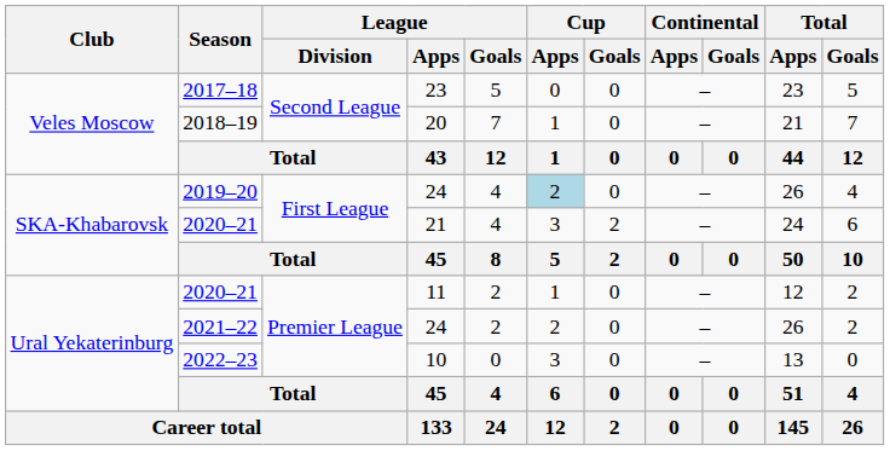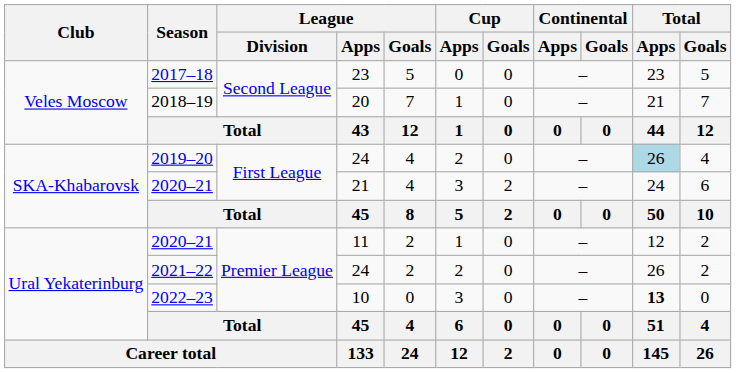 <table class="wikitable" style="text-align: center;">
 <tr>
 <th rowspan=2>Club</th>
 <th rowspan=2>Season</th>
 <th colspan=3>League</th>
 <th colspan=2>Cup</th>
 <th colspan=2>Continental</th>
 <th colspan=2>Total</th>
 </tr>
 <tr>
 <th>Division</th>
 <th>Apps</th>
 <th>Goals</th>
 <th>Apps</th>
 <th>Goals</th>
 <th>Apps</th>
 <th>Goals</th>
 <th>Apps</th>
 <th>Goals</th>
 </tr>
 <tr>
 <td rowspan="3"><a href='#'>Veles Moscow</a></td>
 <td><a href='#'>2017–18</a></td>
 <td rowspan="2"><a href='#'>Second League</a></td>
 <td>23</td>
 <td>5</td>
 <td>0</td>
 <td>0</td>
 <td colspan=2>–</td>
 <td>23</td>
 <td>5</td>
 </tr>
 <tr>
 <td>2018–19</td>
 <td>20</td>
 <td>7</td>
 <td>1</td>
 <td>0</td>
 <td colspan=2>–</td>
 <td>21</td>
 <td>7</td>
 </tr>
 <tr>
 <th colspan=2>Total</th>
 <th>43</th>
 <th>12</th>
 <th>1</th>
 <th>0</th>
 <th>0</th>
 <th>0</th>
 <th>44</th>
 <th>12</th>
 </tr>
 <tr>
 <td rowspan="3"><a href='#'>SKA-Khabarovsk</a></td>
 <td><a href='#'>2019–20</a></td>
 <td rowspan="2"><a href='#'>First League</a></td>
 <td>24</td>
 <td>4</td>
-<td style="background: lightblue;">2</td>
+<td>2</td>
 <td>0</td>
 <td colspan=2>–</td>
-<td>26</td>
+<td style="background: lightblue;">26</td>
 <td>4</td>
 </tr>
 <tr>
 <td><a href='#'>2020–21</a></td>
 <td>21</td>
 <td>4</td>
 <td>3</td>
 <td>2</td>
 <td colspan=2>–</td>
 <td>24</td>
 <td>6</td>
 </tr>
 <tr>
 <th colspan=2>Total</th>
 <th>45</th>
 <th>8</th>
 <th>5</th>
 <th>2</th>
 <th>0</th>
 <th>0</th>
 <th>50</th>
 <th>10</th>
 </tr>
 <tr>
 <td rowspan="4"><a href='#'>Ural Yekaterinburg</a></td>
 <td><a href='#'>2020–21</a></td>
 <td rowspan="3"><a href='#'>Premier League</a></td>
 <td>11</td>
 <td>2</td>
 <td>1</td>
 <td>0</td>
 <td colspan=2>–</td>
 <td>12</td>
 <td>2</td>
 </tr>
 <tr>
 <td><a href='#'>2021–22</a></td>
 <td>24</td>
 <td>2</td>
 <td>2</td>
 <td>0</td>
 <td colspan=2>–</td>
 <td>26</td>
 <td>2</td>
 </tr>
 <tr>
 <td><a href='#'>2022–23</a></td>
 <td>10</td>
 <td>0</td>
 <td>3</td>
 <td>0</td>
 <td colspan=2>–</td>
-<td>13</td>
+<td><strong>13</strong></td>
 <td>0</td>
 </tr>
 <tr>
 <th colspan=2>Total</th>
 <th>45</th>
 <th>4</th>
 <th>6</th>
 <th>0</th>
 <th>0</th>
 <th>0</th>
 <th>51</th>
 <th>4</th>
 </tr>
 <tr>
 <th colspan=3>Career total</th>
 <th>133</th>
 <th>24</th>
 <th>12</th>
 <th>2</th>
 <th>0</th>
 <th>0</th>
 <th>145</th>
 <th>26</th>
 </tr>
 </table>
